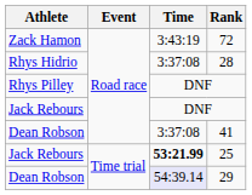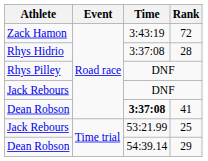 <table class=wikitable style="font-size:90%;">
 <tr>
 <th>Athlete</th>
 <th>Event</th>
 <th>Time</th>
 <th>Rank</th>
 </tr>
 <tr align=center>
 <td align=left><a href='#'>Zack Hamon</a></td>
 <td align=left rowspan=5><a href='#'>Road race</a></td>
 <td>3:43:19</td>
 <td>72</td>
 </tr>
 <tr align=center>
 <td align=left><a href='#'>Rhys Hidrio</a></td>
 <td>3:37:08</td>
 <td>28</td>
 </tr>
 <tr align=center>
 <td align=left><a href='#'>Rhys Pilley</a></td>
 <td colspan=2>DNF</td>
 </tr>
 <tr align=center>
 <td align=left><a href='#'>Jack Rebours</a></td>
 <td colspan=2>DNF</td>
 </tr>
 <tr align=center>
 <td align=left><a href='#'>Dean Robson</a></td>
-<td>3:37:08</td>
+<td><strong>3:37:08</strong></td>
 <td>41</td>
 </tr>
 <tr align=center>
 <td align=left><a href='#'>Jack Rebours</a></td>
 <td align=left rowspan=2><a href='#'>Time trial</a></td>
-<td><strong>53:21.99</strong></td>
+<td>53:21.99</td>
 <td>25</td>
 </tr>
 <tr align=center>
 <td align=left><a href='#'>Dean Robson</a></td>
-<td style="background: lavender;">54:39.14</td>
+<td>54:39.14</td>
 <td>29</td>
 </tr>
 </table>
